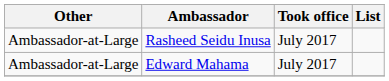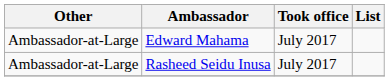 <table class="wikitable">
 <tr>
 <th>Other</th>
 <th>Ambassador</th>
 <th>Took office</th>
 <th>List</th>
 </tr>
 <tr>
 <td>Ambassador-at-Large</td>
-<td><a href='#'>Rasheed Seidu Inusa</a></td>
+<td><a href='#'>Edward Mahama</a></td>
 <td>July 2017</td>
 <td></td>
 </tr>
 <tr>
 <td>Ambassador-at-Large</td>
-<td><a href='#'>Edward Mahama</a></td>
+<td><a href='#'>Rasheed Seidu Inusa</a></td>
 <td>July 2017</td>
 <td></td>
 </tr>
 <tr>
 </tr>
 </table>
